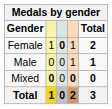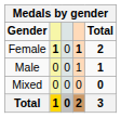 <table class=wikitable style=font-size:85%>
 <tr style="background:#efefef;">
 <th colspan=7><strong>Medals by gender</strong></th>
 </tr>
 <tr align=center>
 <td><strong>Gender</strong></td>
 <td bgcolor=#f7f6a8></td>
 <td bgcolor=#dce5e5></td>
 <td bgcolor=#ffdab9></td>
 <td><strong>Total</strong></td>
 </tr>
 <tr align=center>
 <td>Female</td>
-<td style="background:#F7F6A8;">1</td>
-<td style="background:#DCE5E5;"><strong>0</strong></td>
-<td style="background:#FFDAB9;">1</td>
+<td style="background:#F7F6A8;"><strong>1</strong></td>
+<td style="background:#DCE5E5;">0</td>
+<td style="background:#FFDAB9;"><strong>1</strong></td>
 <td><strong>2</strong></td>
 </tr>
 <tr align=center>
 <td>Male</td>
 <td style="background:#F7F6A8;">0</td>
 <td style="background:#DCE5E5;">0</td>
 <td style="background:#FFDAB9;">1</td>
 <td><strong>1</strong></td>
 </tr>
 <tr align=center>
 <td>Mixed</td>
-<td style="background:#F7F6A8;"><strong>0</strong></td>
+<td style="background:#F7F6A8;">0</td>
 <td style="background:#DCE5E5;">0</td>
-<td style="background:#FFDAB9;"><strong>0</strong></td>
+<td style="background:#FFDAB9;">0</td>
 <td><strong>0</strong></td>
 </tr>
 <tr align=center>
 <th><strong>Total</strong></th>
 <th style="background:gold;"><strong>1</strong></th>
 <th style="background:silver;"><strong>0</strong></th>
 <th style="background:#c96;"><strong>2</strong></th>
 <th><strong>3</strong></th>
 </tr>
 </table>
